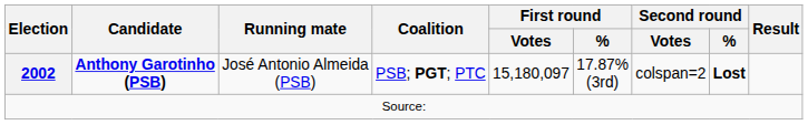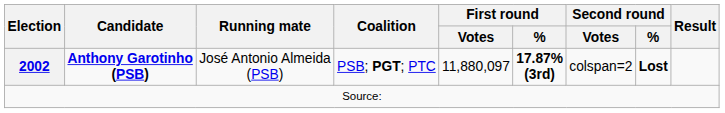 <table class=wikitable style=text-align:center>
 <tr>
 <th rowspan="2">Election</th>
 <th rowspan=2>Candidate</th>
 <th rowspan="2">Running mate</th>
 <th rowspan="2">Coalition</th>
 <th colspan=2>First round</th>
 <th colspan="2">Second round</th>
 <th rowspan="2">Result</th>
 </tr>
 <tr>
 <th>Votes</th>
 <th>%</th>
 <th>Votes</th>
 <th>%</th>
 </tr>
 <tr>
 <th><a href='#'>2002</a></th>
 <td><strong><a href='#'>Anthony Garotinho</a><br>(<a href='#'>PSB</a>)</strong></td>
 <td>José Antonio Almeida<br>(<a href='#'>PSB</a>)</td>
 <td><a href='#'>PSB</a>; <strong>PGT</strong>; <a href='#'>PTC</a></td>
-<td>15,180,097</td>
-<td>17.87%<br>(3rd)</td>
+<td>11,880,097</td>
+<td><strong>17.87%<br>(3rd)</strong></td>
 <td>colspan=2 </td>
 <td><strong>Lost</strong> </td>
 </tr>
 <tr>
 <td colspan="9"><small>Source: </small></td>
 </tr>
 </table>
